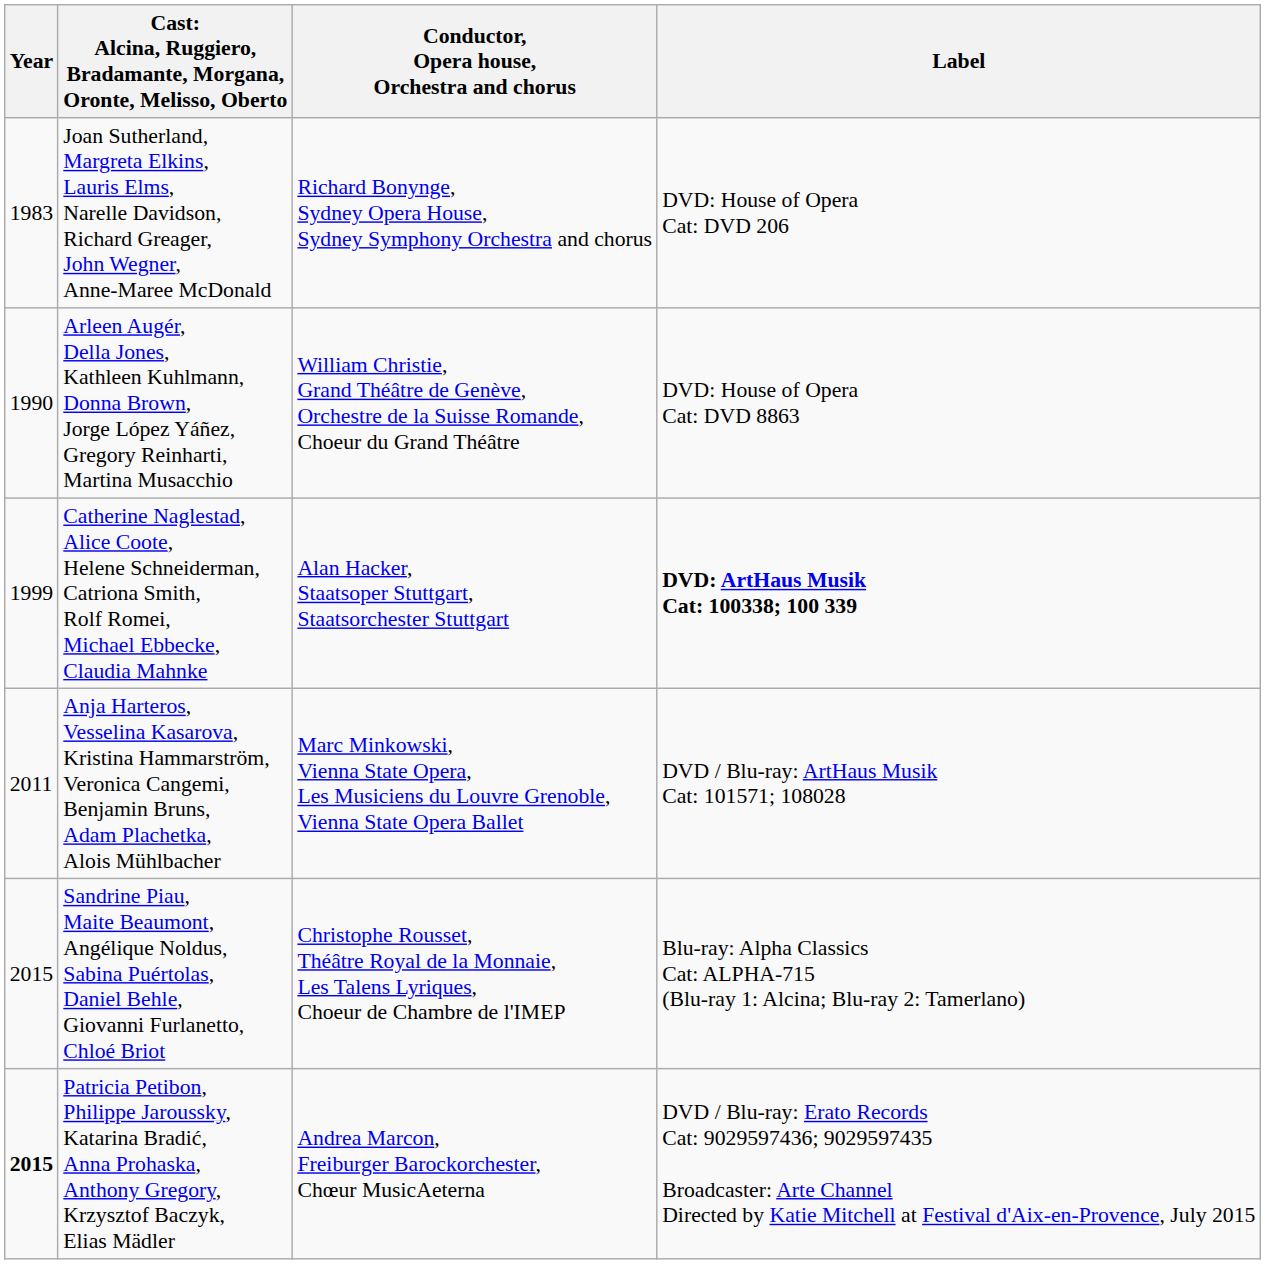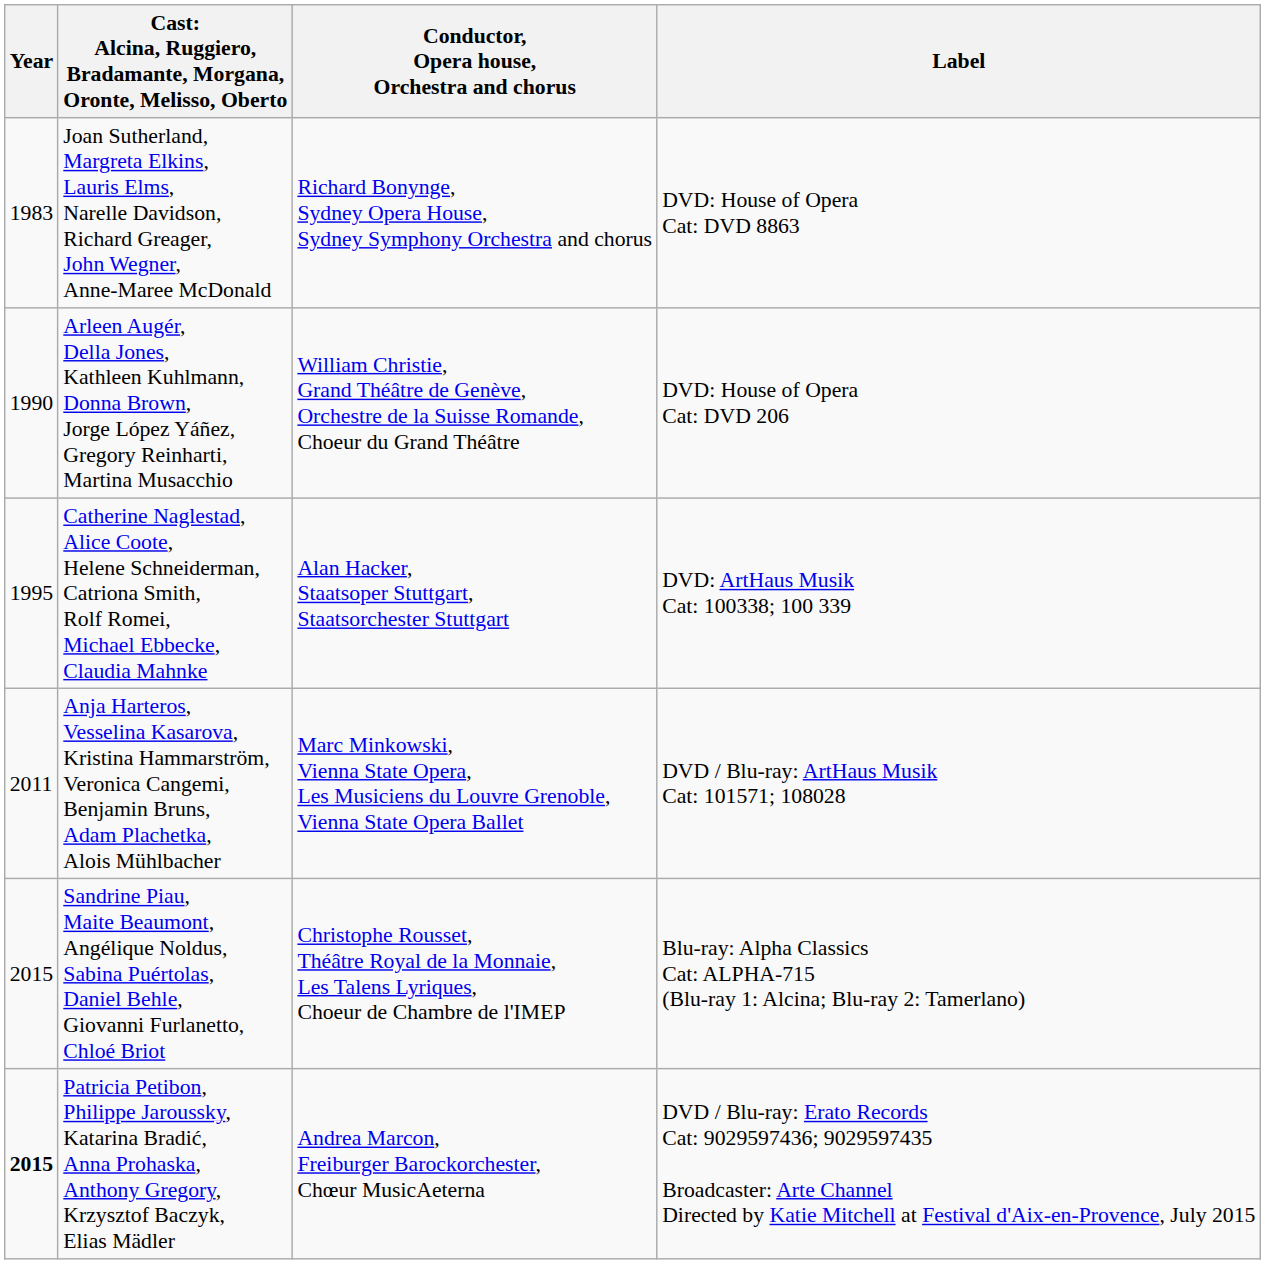 <table class="wikitable" style="font-size:95%;">
 <tr>
 <th>Year</th>
 <th>Cast:<br>Alcina, Ruggiero,<br>Bradamante, Morgana,<br>Oronte, Melisso, Oberto</th>
 <th>Conductor,<br>Opera house,<br>Orchestra and chorus</th>
 <th>Label</th>
 </tr>
 <tr>
 <td>1983</td>
 <td>Joan Sutherland,<br><a href='#'>Margreta Elkins</a>,<br><a href='#'>Lauris Elms</a>,<br>Narelle Davidson,<br>Richard Greager,<br><a href='#'>John Wegner</a>,<br>Anne-Maree McDonald</td>
 <td><a href='#'>Richard Bonynge</a>,<br><a href='#'>Sydney Opera House</a>,<br><a href='#'>Sydney Symphony Orchestra</a> and chorus</td>
-<td>DVD: House of Opera<br>Cat: DVD 206</td>
+<td>DVD: House of Opera<br>Cat: DVD 8863</td>
 </tr>
 <tr>
 <td>1990</td>
 <td><a href='#'>Arleen Augér</a>,<br><a href='#'>Della Jones</a>,<br>Kathleen Kuhlmann,<br><a href='#'>Donna Brown</a>,<br>Jorge López Yáñez,<br>Gregory Reinharti,<br>Martina Musacchio</td>
 <td><a href='#'>William Christie</a>,<br><a href='#'>Grand Théâtre de Genève</a>,<br><a href='#'>Orchestre de la Suisse Romande</a>,<br>Choeur du Grand Théâtre</td>
-<td>DVD: House of Opera<br>Cat: DVD 8863</td>
+<td>DVD: House of Opera<br>Cat: DVD 206</td>
 </tr>
 <tr>
-<td>1999</td>
+<td>1995</td>
 <td><a href='#'>Catherine Naglestad</a>,<br><a href='#'>Alice Coote</a>,<br>Helene Schneiderman,<br>Catriona Smith,<br>Rolf Romei,<br><a href='#'>Michael Ebbecke</a>,<br><a href='#'>Claudia Mahnke</a></td>
 <td><a href='#'>Alan Hacker</a>,<br><a href='#'>Staatsoper Stuttgart</a>,<br><a href='#'>Staatsorchester Stuttgart</a></td>
-<td><strong>DVD: <a href='#'>ArtHaus Musik</a><br>Cat: 100338; 100 339</strong></td>
+<td>DVD: <a href='#'>ArtHaus Musik</a><br>Cat: 100338; 100 339</td>
 </tr>
 <tr>
 <td>2011</td>
 <td><a href='#'>Anja Harteros</a>,<br><a href='#'>Vesselina Kasarova</a>,<br>Kristina Hammarström,<br>Veronica Cangemi,<br>Benjamin Bruns,<br><a href='#'>Adam Plachetka</a>,<br>Alois Mühlbacher</td>
 <td><a href='#'>Marc Minkowski</a>,<br><a href='#'>Vienna State Opera</a>,<br><a href='#'>Les Musiciens du Louvre Grenoble</a>,<br><a href='#'>Vienna State Opera Ballet</a></td>
 <td>DVD / Blu-ray: <a href='#'>ArtHaus Musik</a><br>Cat: 101571; 108028</td>
 </tr>
 <tr>
 <td>2015</td>
 <td><a href='#'>Sandrine Piau</a>,<br><a href='#'>Maite Beaumont</a>,<br>Angélique Noldus,<br><a href='#'>Sabina Puértolas</a>,<br><a href='#'>Daniel Behle</a>,<br>Giovanni Furlanetto,<br><a href='#'>Chloé Briot</a></td>
 <td><a href='#'>Christophe Rousset</a>,<br><a href='#'>Théâtre Royal de la Monnaie</a>,<br><a href='#'>Les Talens Lyriques</a>,<br>Choeur de Chambre de l'IMEP</td>
 <td>Blu-ray: Alpha Classics<br>Cat: ALPHA-715<br>(Blu-ray 1: Alcina; Blu-ray 2: Tamerlano)</td>
 </tr>
 <tr>
 <td><strong>2015</strong></td>
 <td><a href='#'>Patricia Petibon</a>,<br><a href='#'>Philippe Jaroussky</a>, <br>Katarina Bradić,<br><a href='#'>Anna Prohaska</a>, <br><a href='#'>Anthony Gregory</a>,<br>Krzysztof Baczyk,<br>Elias Mädler</td>
 <td><a href='#'>Andrea Marcon</a>,<br><a href='#'>Freiburger Barockorchester</a>,<br>Chœur MusicAeterna</td>
 <td>DVD / Blu-ray: <a href='#'>Erato Records</a><br>Cat: 9029597436; 9029597435<br><br>Broadcaster: <a href='#'>Arte Channel</a><br>Directed by <a href='#'>Katie Mitchell</a> at <a href='#'>Festival d'Aix-en-Provence</a>, July 2015</td>
 </tr>
 </table>
